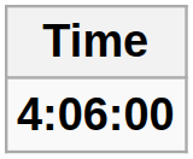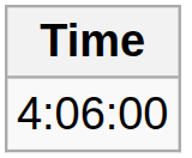 <table class="wikitable" border="1" align="upright">
 <tr>
 <th>Time</th>
 </tr>
 <tr>
-<td><strong>4:06:00</strong></td>
+<td>4:06:00</td>
 </tr>
 </table>
